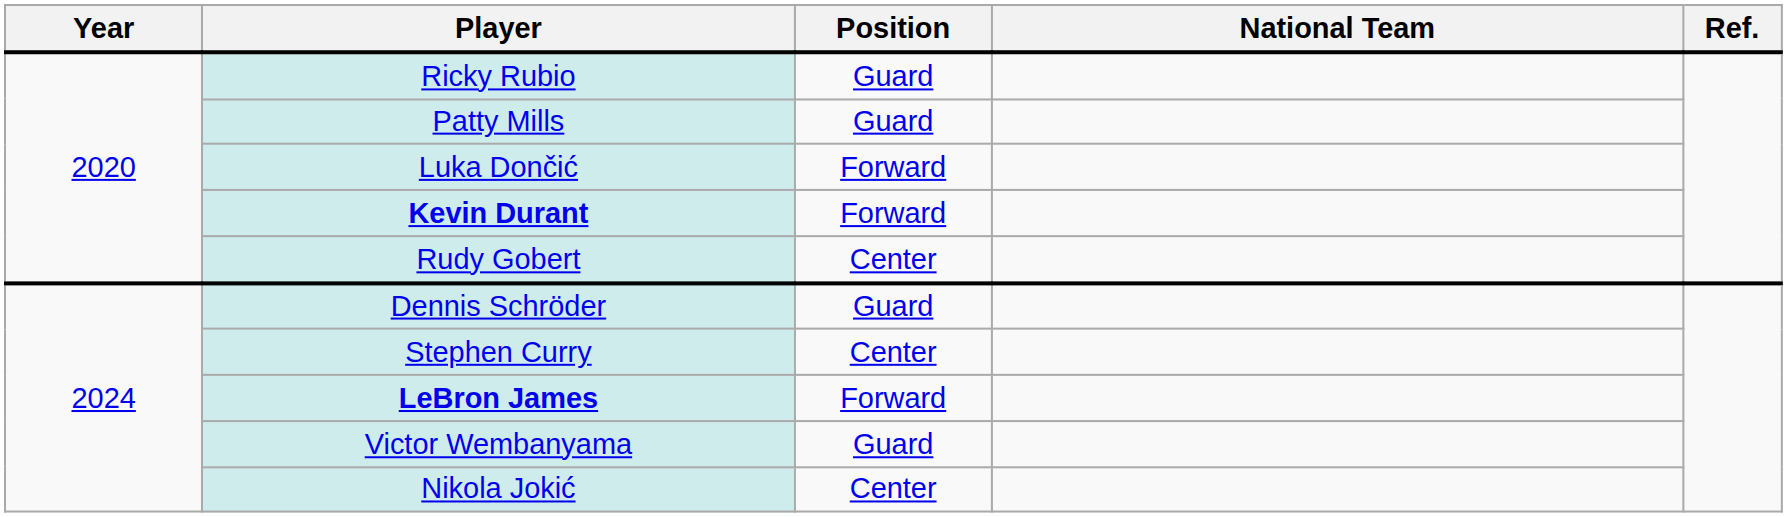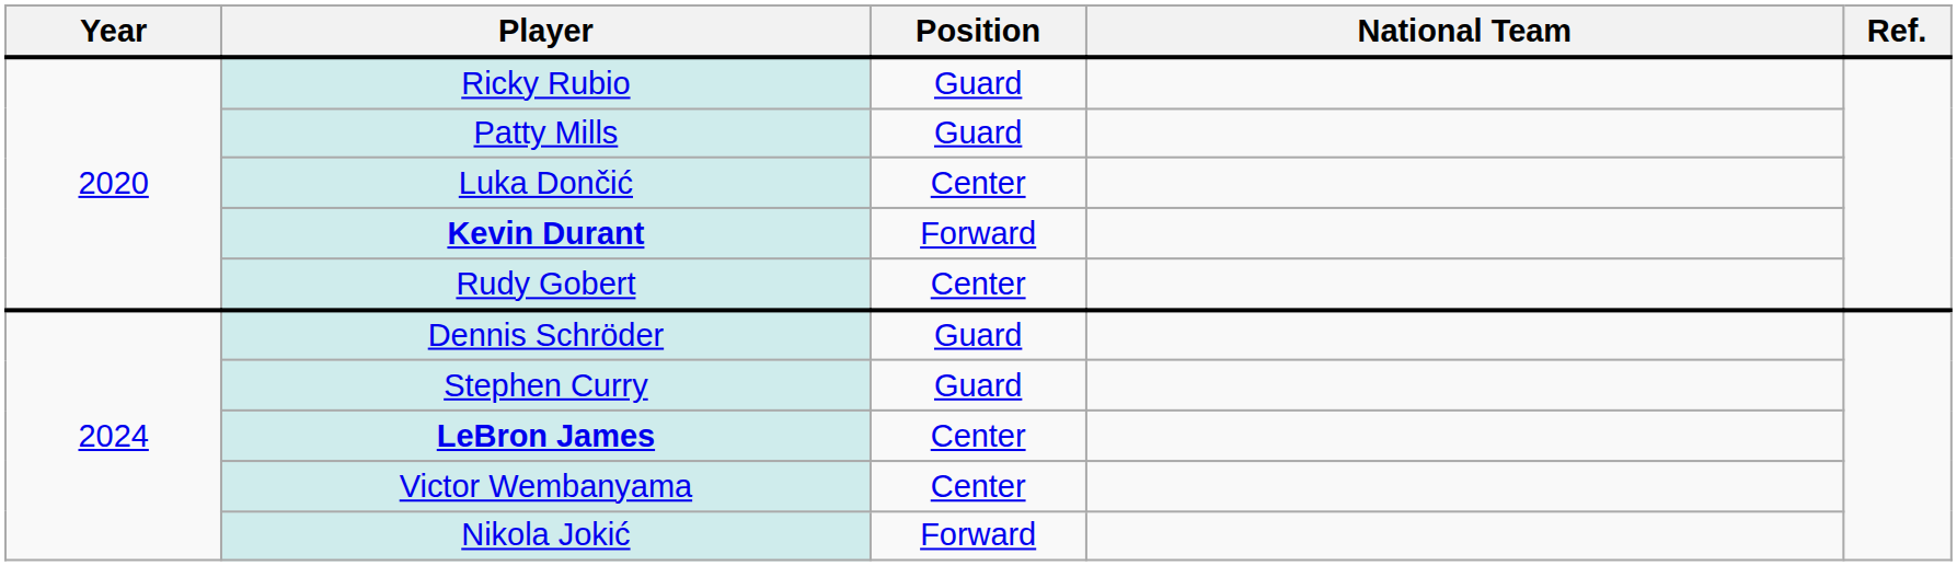 <table class="wikitable" style="width: 70%; text-align:center; font-size:90%">
 <tr>
 <th width=10%>Year</th>
 <th width=30%>Player</th>
 <th width=10%>Position</th>
 <th width=35%>National Team</th>
 <th width=5%>Ref.</th>
 </tr>
 <tr style = "border-top:2px solid black;">
 <td rowspan=5><a href='#'>2020</a></td>
 <td style="background-color:#CFECEC; align=center"><a href='#'>Ricky Rubio</a></td>
 <td align=center><a href='#'>Guard</a></td>
 <td align=center></td>
 <td rowspan=5></td>
 </tr>
 <tr>
 <td style="background-color:#CFECEC; align=center"><a href='#'>Patty Mills</a></td>
 <td align=center><a href='#'>Guard</a></td>
 <td align=center></td>
 </tr>
 <tr>
 <td style="background-color:#CFECEC; align=center"><a href='#'>Luka Dončić</a></td>
-<td align=center><a href='#'>Forward</a></td>
+<td align=center><a href='#'>Center</a></td>
 <td align=center></td>
 </tr>
 <tr>
 <td style="background-color:#CFECEC; align=center"><strong><a href='#'>Kevin Durant</a></strong></td>
 <td align=center><a href='#'>Forward</a></td>
 <td align=center></td>
 </tr>
 <tr>
 <td style="background-color:#CFECEC; align=center"><a href='#'>Rudy Gobert</a></td>
 <td align=center><a href='#'>Center</a></td>
 <td align=center></td>
 </tr>
 <tr style = "border-top:2px solid black;">
 <td rowspan=5><a href='#'>2024</a></td>
 <td style="background-color:#CFECEC; align=center"><a href='#'>Dennis Schröder</a></td>
 <td align=center><a href='#'>Guard</a></td>
 <td align=center></td>
 <td rowspan=5></td>
 </tr>
 <tr>
 <td style="background-color:#CFECEC; align=center"><a href='#'>Stephen Curry</a></td>
+<td align=center><a href='#'>Guard</a></td>
+<td align=center></td>
+</tr>
+<tr>
+<td style="background-color:#CFECEC; align=center"><strong><a href='#'>LeBron James</a></strong></td>
 <td align=center><a href='#'>Center</a></td>
 <td align=center></td>
 </tr>
 <tr>
-<td style="background-color:#CFECEC; align=center"><strong><a href='#'>LeBron James</a></strong></td>
-<td align=center><a href='#'>Forward</a></td>
-<td align=center></td>
-</tr>
-<tr>
 <td style="background-color:#CFECEC; align=center"><a href='#'>Victor Wembanyama</a></td>
-<td align=center><a href='#'>Guard</a></td>
+<td align=center><a href='#'>Center</a></td>
 <td align=center></td>
 </tr>
 <tr>
 <td style="background-color:#CFECEC; align=center"><a href='#'>Nikola Jokić</a></td>
-<td align=center><a href='#'>Center</a></td>
+<td align=center><a href='#'>Forward</a></td>
 <td align=center></td>
 </tr>
 </table>
